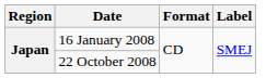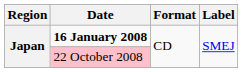 <table class="wikitable plainrowheaders">
 <tr>
 <th scope="col">Region</th>
 <th scope="col">Date</th>
 <th scope="col">Format</th>
 <th scope="col">Label</th>
 </tr>
 <tr>
 <th scope="row" rowspan="2">Japan</th>
-<td>16 January 2008</td>
+<td><strong>16 January 2008</strong></td>
 <td rowspan="2">CD</td>
 <td rowspan="2"><a href='#'>SMEJ</a></td>
 </tr>
 <tr>
-<td>22 October 2008</td>
+<td style="background: pink;">22 October 2008</td>
 </tr>
 </table>
